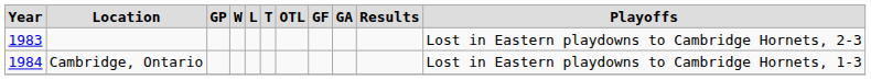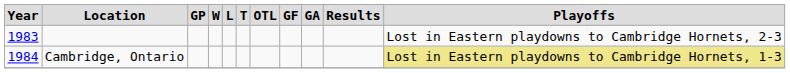 <table class="wikitable">
 <tr align="center"  bgcolor="#dddddd">
 <td><strong>Year</strong></td>
 <td><strong>Location</strong></td>
 <td><strong>GP</strong></td>
 <td><strong>W</strong></td>
 <td><strong>L</strong></td>
 <td><strong>T</strong></td>
 <td><strong>OTL</strong></td>
 <td><strong>GF</strong></td>
 <td><strong>GA</strong></td>
 <td><strong>Results</strong></td>
 <td><strong>Playoffs</strong></td>
 </tr>
 <tr align="center">
 <td><a href='#'>1983</a></td>
 <td></td>
 <td></td>
 <td></td>
 <td></td>
 <td></td>
 <td></td>
 <td></td>
 <td></td>
 <td></td>
 <td>Lost in Eastern playdowns to Cambridge Hornets, 2-3</td>
 </tr>
 <tr align="center">
 <td><a href='#'>1984</a></td>
 <td>Cambridge, Ontario</td>
 <td></td>
 <td></td>
 <td></td>
 <td></td>
 <td></td>
 <td></td>
 <td></td>
 <td></td>
-<td>Lost in Eastern playdowns to Cambridge Hornets, 1-3</td>
+<td style="background: khaki;">Lost in Eastern playdowns to Cambridge Hornets, 1-3</td>
 </tr>
 <tr align="center">
 </tr>
 </table>
